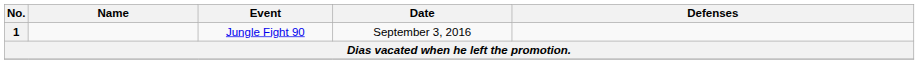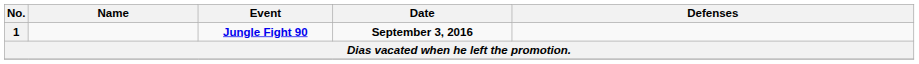 <table class="wikitable" width=100%>
 <tr>
 <th width=1%>No.</th>
 <th width=19%>Name</th>
 <th width=15%>Event</th>
 <th width=20%>Date</th>
 <th width=45%>Defenses</th>
 </tr>
 <tr>
 <th>1</th>
 <td align=left><br></td>
-<td align=center><a href='#'>Jungle Fight 90</a><br></td>
-<td align=center>September 3, 2016</td>
+<td align=center><strong><a href='#'>Jungle Fight 90</a><br></strong></td>
+<td align=center><strong>September 3, 2016</strong></td>
 <td></td>
 </tr>
 <tr>
 <th colspan=6 align=center><em>Dias vacated when he left the promotion.</em></th>
 </tr>
 <tr>
 </tr>
 </table>
